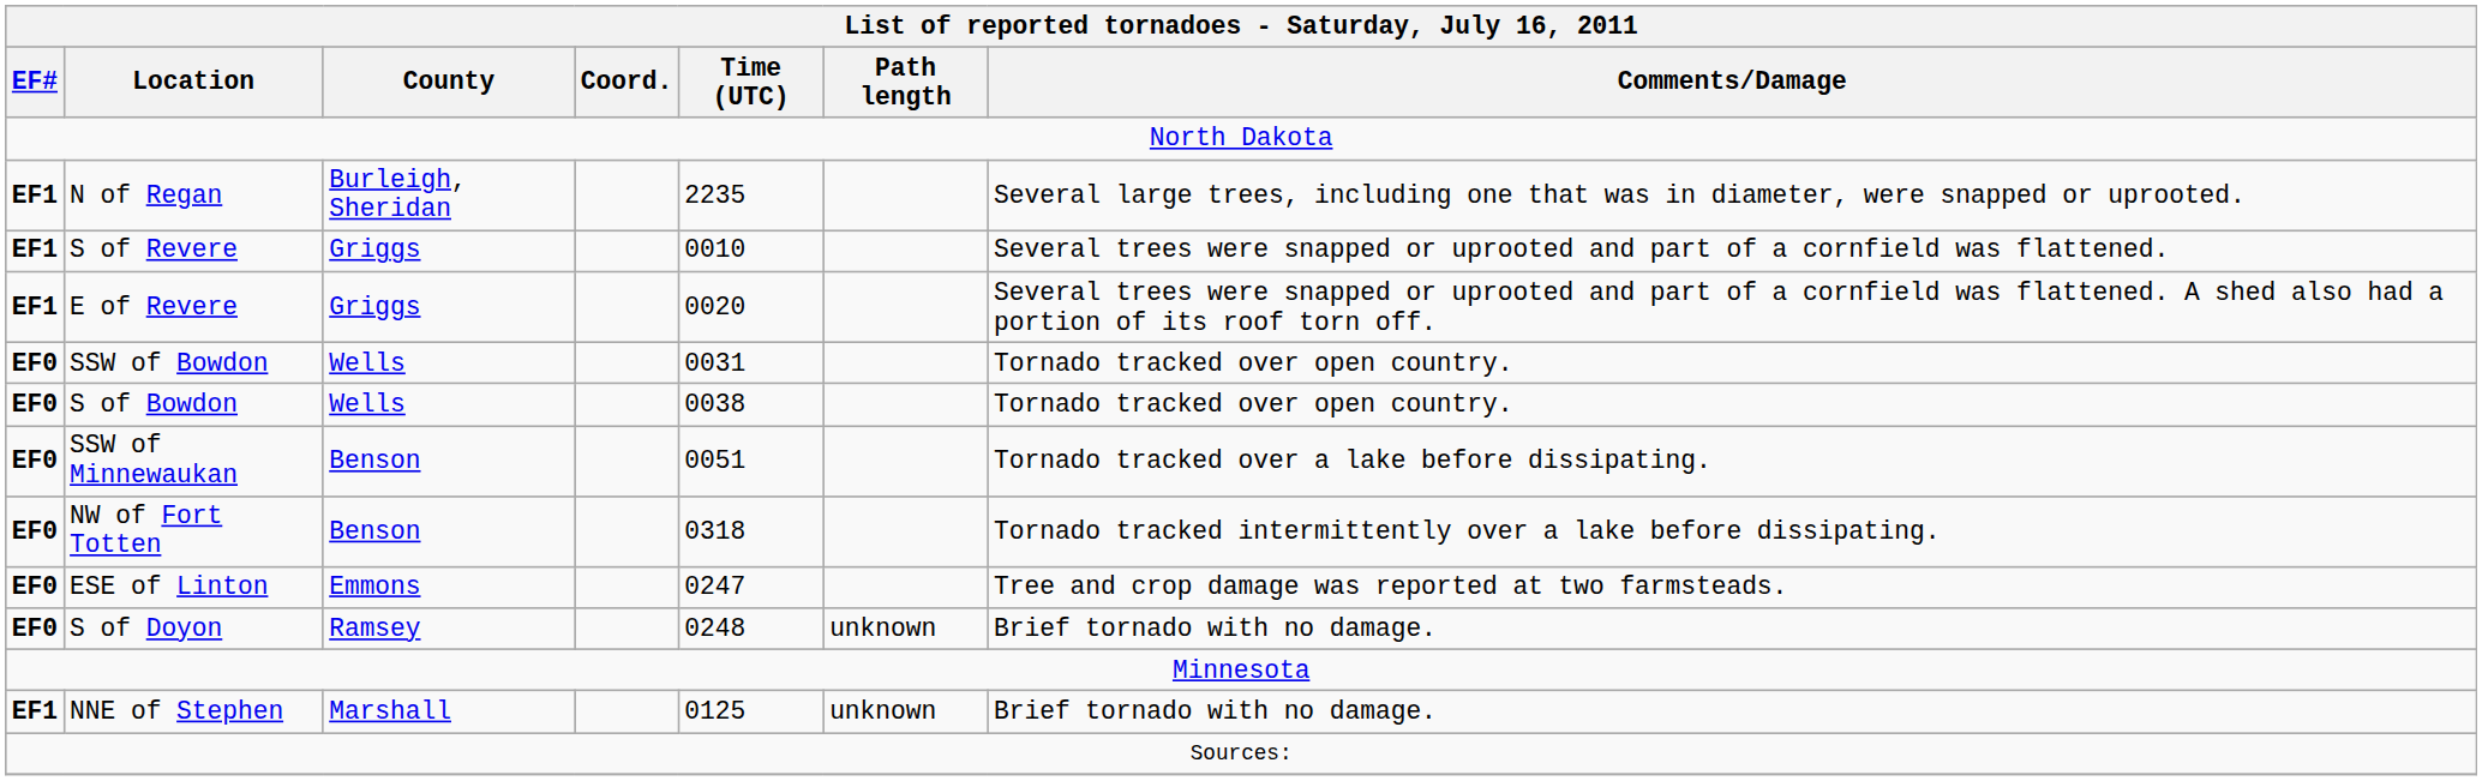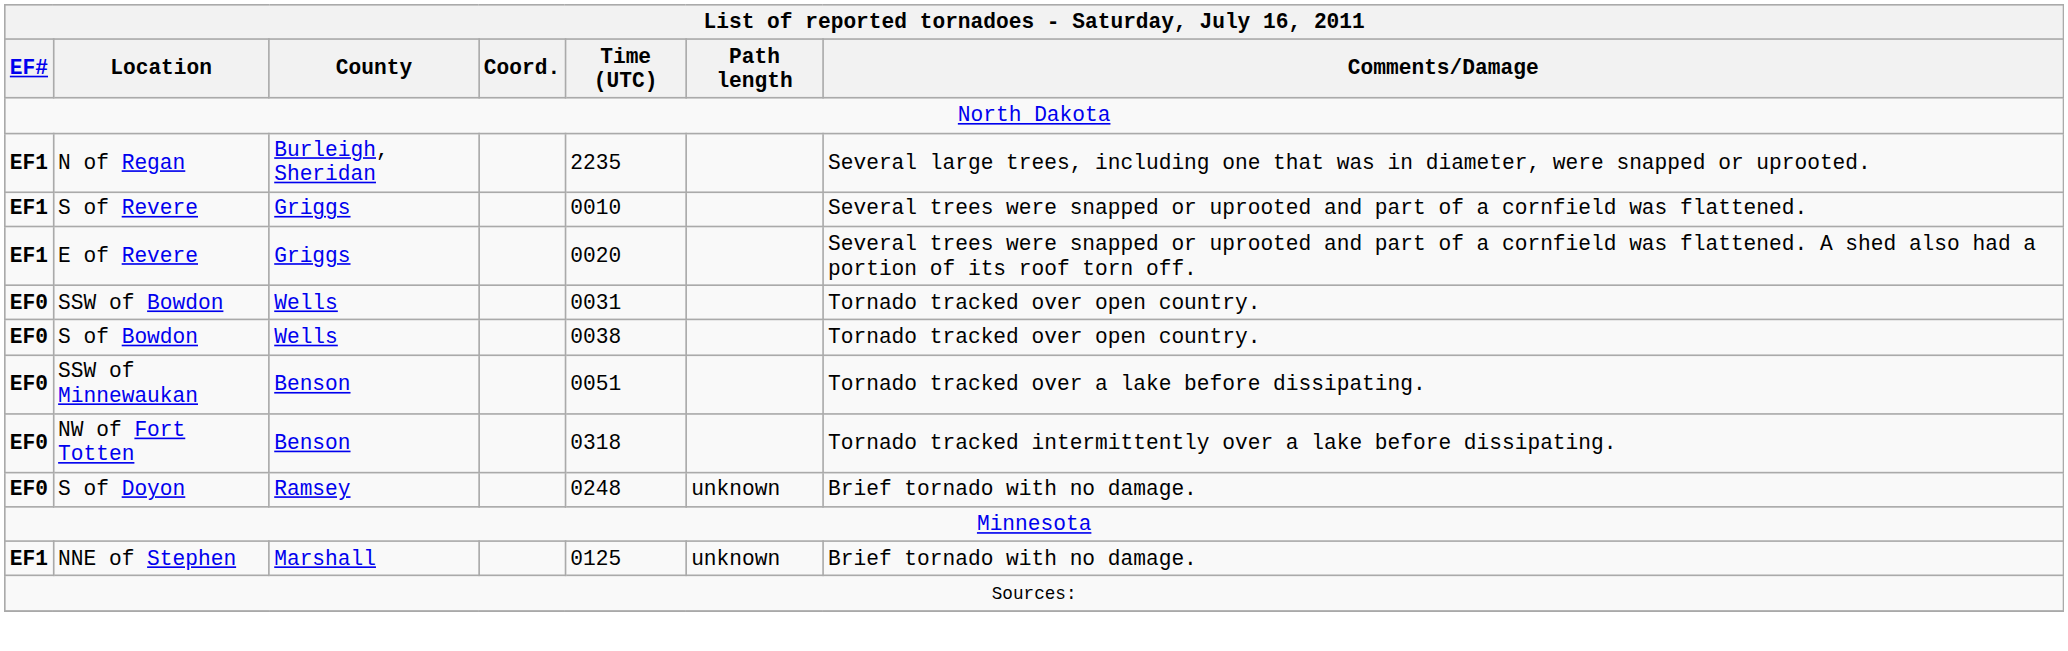 <table class="wikitable collapsible" width="100%">
 <tr>
 <th colspan="7">List of reported tornadoes - Saturday, July 16, 2011</th>
 </tr>
 <tr>
 <th><a href='#'>EF#</a></th>
 <th>Location</th>
 <th>County</th>
 <th>Coord.</th>
 <th>Time (UTC)</th>
 <th>Path length</th>
 <th>Comments/Damage</th>
 </tr>
 <tr>
 <td colspan="7" align=center><a href='#'>North Dakota</a></td>
 </tr>
 <tr>
 <td><strong>EF1</strong></td>
 <td>N of <a href='#'>Regan</a></td>
 <td><a href='#'>Burleigh</a>, <a href='#'>Sheridan</a></td>
 <td></td>
 <td>2235</td>
 <td></td>
 <td>Several large trees, including one that was  in diameter, were snapped or uprooted.</td>
 </tr>
 <tr>
 <td><strong>EF1</strong></td>
 <td>S of <a href='#'>Revere</a></td>
 <td><a href='#'>Griggs</a></td>
 <td></td>
 <td>0010</td>
 <td></td>
 <td>Several trees were snapped or uprooted and part of a cornfield was flattened.</td>
 </tr>
 <tr>
 <td><strong>EF1</strong></td>
 <td>E of <a href='#'>Revere</a></td>
 <td><a href='#'>Griggs</a></td>
 <td></td>
 <td>0020</td>
 <td></td>
 <td>Several trees were snapped or uprooted and part of a cornfield was flattened. A shed also had a portion of its roof torn off.</td>
 </tr>
 <tr>
 <td><strong>EF0</strong></td>
 <td>SSW of <a href='#'>Bowdon</a></td>
 <td><a href='#'>Wells</a></td>
 <td></td>
 <td>0031</td>
 <td></td>
 <td>Tornado tracked over open country.</td>
 </tr>
 <tr>
 <td><strong>EF0</strong></td>
 <td>S of <a href='#'>Bowdon</a></td>
 <td><a href='#'>Wells</a></td>
 <td></td>
 <td>0038</td>
 <td></td>
 <td>Tornado tracked over open country.</td>
 </tr>
 <tr>
 <td><strong>EF0</strong></td>
 <td>SSW of <a href='#'>Minnewaukan</a></td>
 <td><a href='#'>Benson</a></td>
 <td></td>
 <td>0051</td>
 <td></td>
 <td>Tornado tracked over a lake before dissipating.</td>
 </tr>
 <tr>
 <td><strong>EF0</strong></td>
 <td>NW of <a href='#'>Fort Totten</a></td>
 <td><a href='#'>Benson</a></td>
 <td></td>
 <td>0318</td>
 <td></td>
 <td>Tornado tracked intermittently over a lake before dissipating.</td>
 </tr>
 <tr>
 <td><strong>EF0</strong></td>
-<td>ESE of <a href='#'>Linton</a></td>
-<td><a href='#'>Emmons</a></td>
-<td></td>
-<td>0247</td>
-<td></td>
-<td>Tree and crop damage was reported at two farmsteads.</td>
-</tr>
-<tr>
-<td><strong>EF0</strong></td>
 <td>S of <a href='#'>Doyon</a></td>
 <td><a href='#'>Ramsey</a></td>
 <td></td>
 <td>0248</td>
 <td>unknown</td>
 <td>Brief tornado with no damage.</td>
 </tr>
 <tr>
 <td colspan="7" align=center><a href='#'>Minnesota</a></td>
 </tr>
 <tr>
 <td><strong>EF1</strong></td>
 <td>NNE of <a href='#'>Stephen</a></td>
 <td><a href='#'>Marshall</a></td>
 <td></td>
 <td>0125</td>
 <td>unknown</td>
 <td>Brief tornado with no damage.</td>
 </tr>
 <tr>
 <td colspan="7" align=center><small>Sources: </small></td>
 </tr>
 <tr>
 </tr>
 </table>
